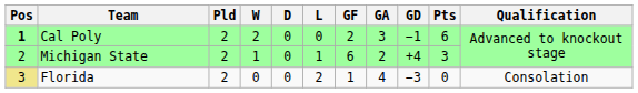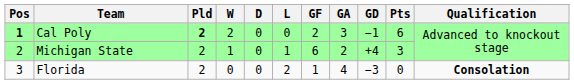 <table class="wikitable" style="text-align:center; margin: 1em auto">
 <tr>
 <th style="width:2em">Pos</th>
 <th style="width:13em">Team</th>
 <th style="width:2em">Pld</th>
 <th style="width:2em">W</th>
 <th style="width:2em">D</th>
 <th style="width:2em">L</th>
 <th style="width:2em">GF</th>
 <th style="width:2em">GA</th>
 <th style="width:2em">GD</th>
 <th style="width:2em">Pts</th>
 <th style="width:13em">Qualification</th>
 </tr>
 <tr bgcolor="#9eff9e">
 <td><strong>1</strong></td>
 <td style="text-align:left">Cal Poly</td>
-<td>2</td>
+<td><strong>2</strong></td>
 <td>2</td>
 <td>0</td>
 <td>0</td>
 <td>2</td>
 <td>3</td>
 <td>−1</td>
 <td>6</td>
 <td rowspan="2">Advanced to knockout stage</td>
 </tr>
 <tr bgcolor="#9eff9e">
 <td>2</td>
 <td style="text-align:left">Michigan State</td>
 <td>2</td>
 <td>1</td>
 <td>0</td>
 <td>1</td>
 <td>6</td>
 <td>2</td>
 <td>+4</td>
 <td>3</td>
 </tr>
 <tr>
-<td style="background: khaki;">3</td>
+<td>3</td>
 <td style="text-align:left">Florida</td>
 <td>2</td>
 <td>0</td>
 <td>0</td>
 <td>2</td>
 <td>1</td>
 <td>4</td>
 <td>−3</td>
 <td>0</td>
-<td>Consolation</td>
+<td><strong>Consolation</strong></td>
 </tr>
 </table>
